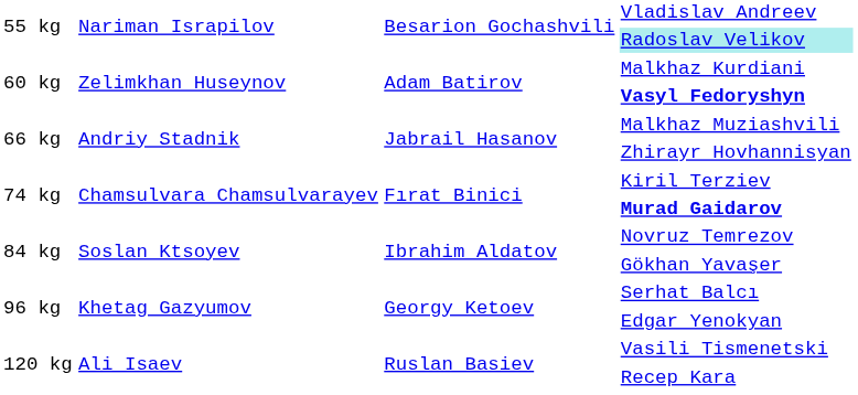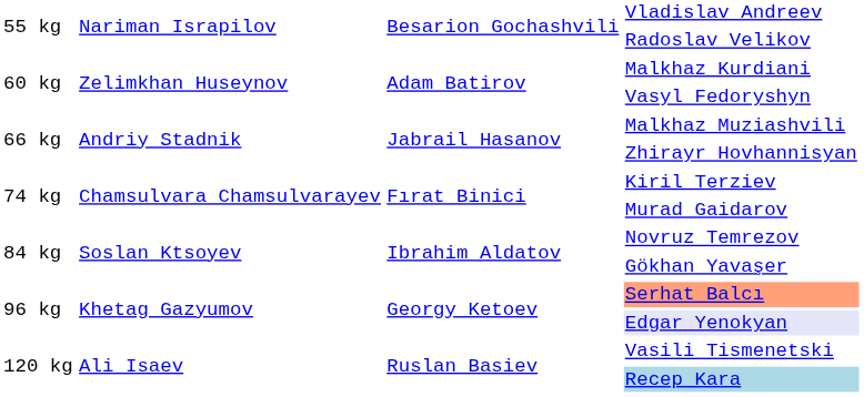 <table>
 <tr>
 <td rowspan=2>55 kg</td>
 <td rowspan=2> <a href='#'>Nariman Israpilov</a></td>
 <td rowspan=2> <a href='#'>Besarion Gochashvili</a></td>
 <td> <a href='#'>Vladislav Andreev</a></td>
 </tr>
 <tr>
-<td style="background: paleturquoise;"> <a href='#'>Radoslav Velikov</a></td>
+<td> <a href='#'>Radoslav Velikov</a></td>
 </tr>
 <tr>
 <td rowspan=2>60 kg</td>
 <td rowspan=2> <a href='#'>Zelimkhan Huseynov</a></td>
 <td rowspan=2> <a href='#'>Adam Batirov</a></td>
 <td> <a href='#'>Malkhaz Kurdiani</a></td>
 </tr>
 <tr>
-<td><strong> <a href='#'>Vasyl Fedoryshyn</a></strong></td>
+<td> <a href='#'>Vasyl Fedoryshyn</a></td>
 </tr>
 <tr>
 <td rowspan=2>66 kg</td>
 <td rowspan=2> <a href='#'>Andriy Stadnik</a></td>
 <td rowspan=2> <a href='#'>Jabrail Hasanov</a></td>
 <td> <a href='#'>Malkhaz Muziashvili</a></td>
 </tr>
 <tr>
 <td> <a href='#'>Zhirayr Hovhannisyan</a></td>
 </tr>
 <tr>
 <td rowspan=2>74 kg</td>
 <td rowspan=2> <a href='#'>Chamsulvara Chamsulvarayev</a></td>
 <td rowspan=2> <a href='#'>Fırat Binici</a></td>
 <td> <a href='#'>Kiril Terziev</a></td>
 </tr>
 <tr>
-<td><strong> <a href='#'>Murad Gaidarov</a></strong></td>
+<td> <a href='#'>Murad Gaidarov</a></td>
 </tr>
 <tr>
 <td rowspan=2>84 kg</td>
 <td rowspan=2> <a href='#'>Soslan Ktsoyev</a></td>
 <td rowspan=2> <a href='#'>Ibrahim Aldatov</a></td>
 <td> <a href='#'>Novruz Temrezov</a></td>
 </tr>
 <tr>
 <td> <a href='#'>Gökhan Yavaşer</a></td>
 </tr>
 <tr>
 <td rowspan=2>96 kg</td>
 <td rowspan=2> <a href='#'>Khetag Gazyumov</a></td>
 <td rowspan=2> <a href='#'>Georgy Ketoev</a></td>
-<td> <a href='#'>Serhat Balcı</a></td>
+<td style="background: lightsalmon;"> <a href='#'>Serhat Balcı</a></td>
 </tr>
 <tr>
-<td> <a href='#'>Edgar Yenokyan</a></td>
+<td style="background: lavender;"> <a href='#'>Edgar Yenokyan</a></td>
 </tr>
 <tr>
 <td rowspan=2>120 kg</td>
 <td rowspan=2> <a href='#'>Ali Isaev</a></td>
 <td rowspan=2> <a href='#'>Ruslan Basiev</a></td>
 <td> <a href='#'>Vasili Tismenetski</a></td>
 </tr>
 <tr>
-<td> <a href='#'>Recep Kara</a></td>
+<td style="background: lightblue;"> <a href='#'>Recep Kara</a></td>
 </tr>
 </table>
